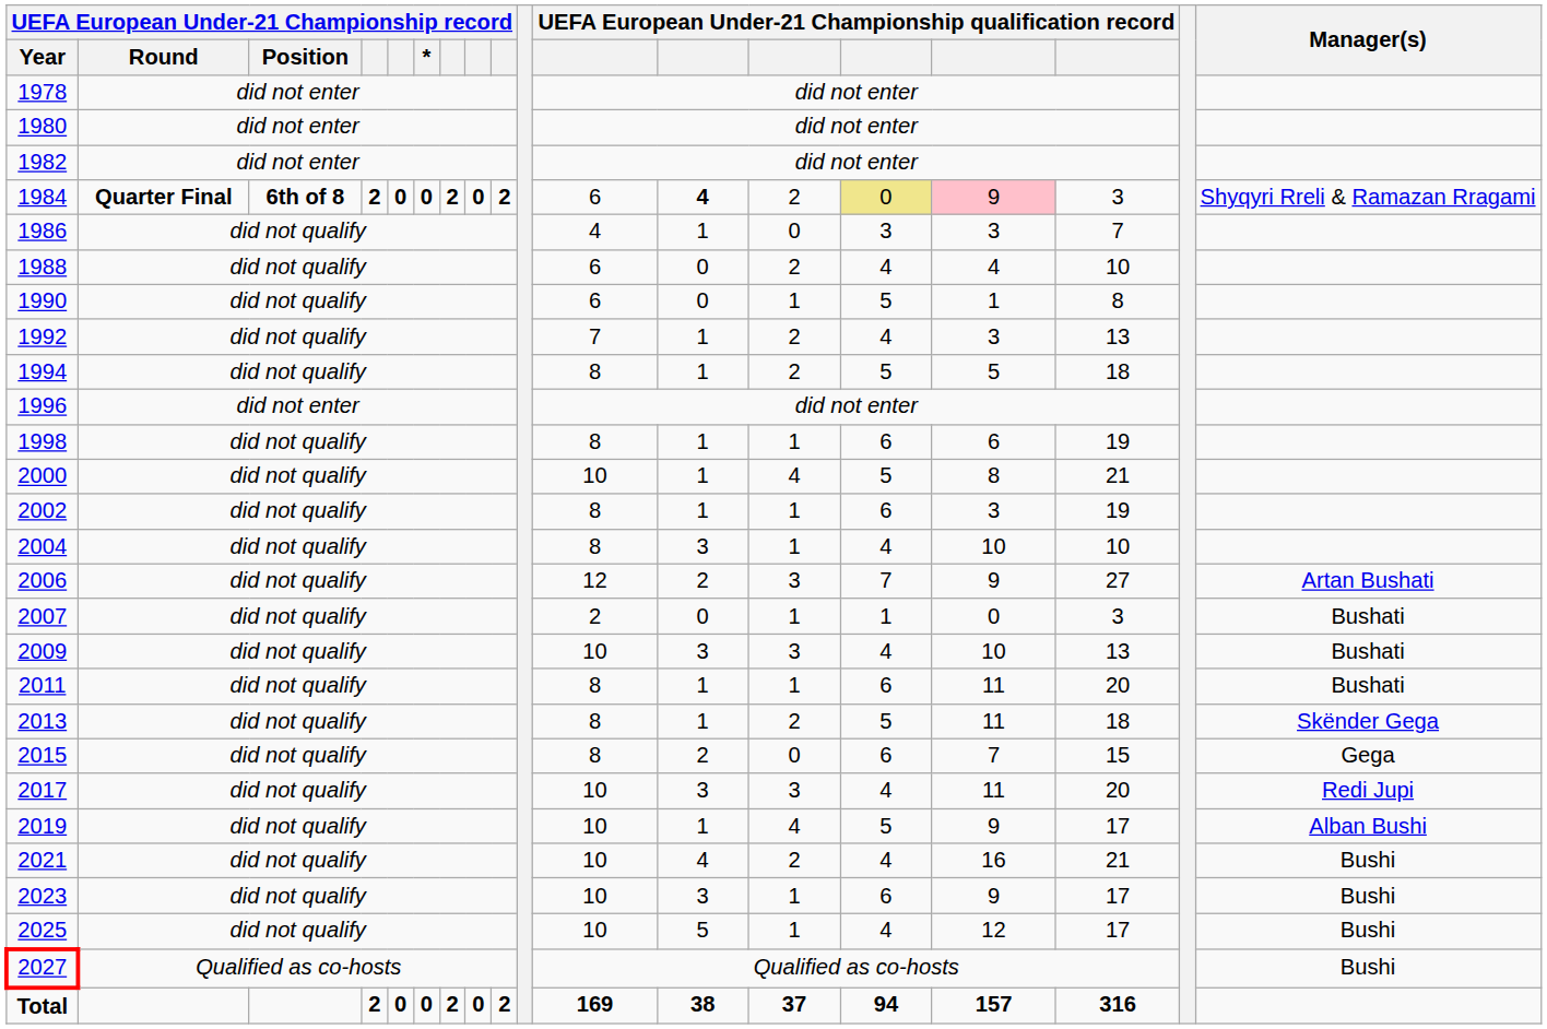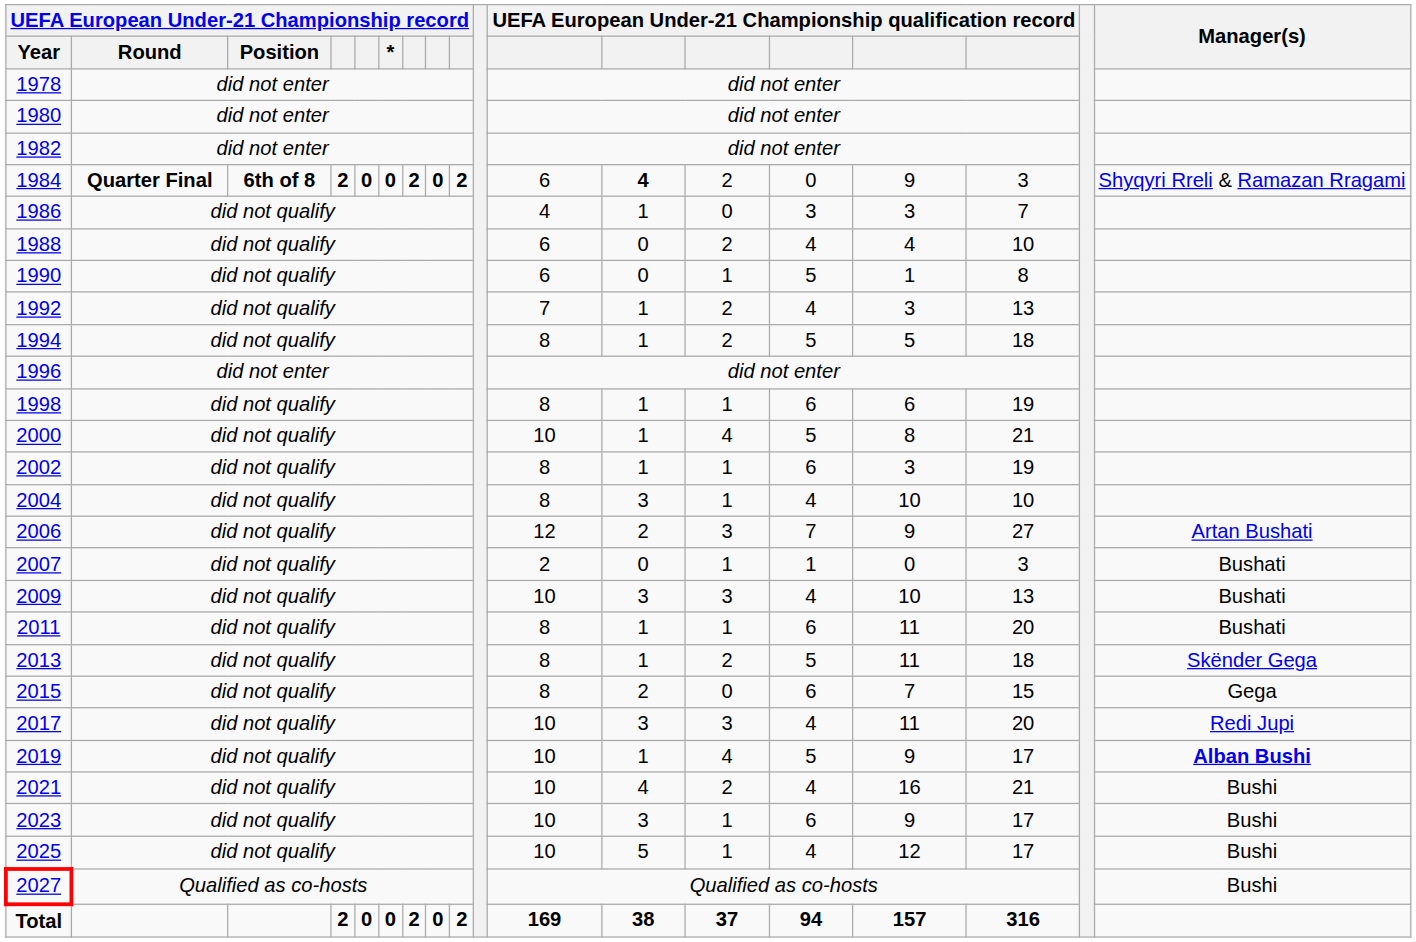 <table class="wikitable" style="text-align: center;">
 <tr>
 <th colspan=9><a href='#'>UEFA European Under-21 Championship record</a></th>
 <th style="width:1%;" rowspan="29"></th>
 <th colspan=6>UEFA European Under-21 Championship qualification record</th>
 <th style="width:1%;" rowspan="29"></th>
 <th rowspan=2>Manager(s)</th>
 </tr>
 <tr>
 <th>Year</th>
 <th>Round</th>
 <th>Position</th>
 <th></th>
 <th></th>
 <th> *</th>
 <th></th>
 <th></th>
 <th></th>
 <th></th>
 <th></th>
 <th></th>
 <th></th>
 <th></th>
 <th></th>
 </tr>
 <tr>
 <td> <a href='#'>1978</a></td>
 <td colspan=8><em>did not enter</em></td>
 <td colspan=6><em>did not enter</em></td>
 <td></td>
 </tr>
 <tr>
 <td> <a href='#'>1980</a></td>
 <td colspan=8><em>did not enter</em></td>
 <td colspan=6><em>did not enter</em></td>
 <td></td>
 </tr>
 <tr>
 <td> <a href='#'>1982</a></td>
 <td colspan=8><em>did not enter</em></td>
 <td colspan=6><em>did not enter</em></td>
 <td></td>
 </tr>
 <tr>
 <td> <a href='#'>1984</a></td>
 <td><strong>Quarter Final</strong></td>
 <td><strong>6th of 8</strong></td>
 <td><strong>2</strong></td>
 <td><strong>0</strong></td>
 <td><strong>0</strong></td>
 <td><strong>2</strong></td>
 <td><strong>0</strong></td>
 <td><strong>2</strong></td>
 <td>6</td>
 <td><strong>4</strong></td>
 <td>2</td>
-<td style="background: khaki;">0</td>
-<td style="background: pink;">9</td>
+<td>0</td>
+<td>9</td>
 <td>3</td>
 <td><a href='#'>Shyqyri Rreli</a> & <a href='#'>Ramazan Rragami</a></td>
 </tr>
 <tr>
 <td> <a href='#'>1986</a></td>
 <td colspan=8><em>did not qualify</em></td>
 <td>4</td>
 <td>1</td>
 <td>0</td>
 <td>3</td>
 <td>3</td>
 <td>7</td>
 <td></td>
 </tr>
 <tr>
 <td> <a href='#'>1988</a></td>
 <td colspan=8><em>did not qualify</em></td>
 <td>6</td>
 <td>0</td>
 <td>2</td>
 <td>4</td>
 <td>4</td>
 <td>10</td>
 <td></td>
 </tr>
 <tr>
 <td> <a href='#'>1990</a></td>
 <td colspan=8><em>did not qualify</em></td>
 <td>6</td>
 <td>0</td>
 <td>1</td>
 <td>5</td>
 <td>1</td>
 <td>8</td>
 <td></td>
 </tr>
 <tr>
 <td> <a href='#'>1992</a></td>
 <td colspan=8><em>did not qualify</em></td>
 <td>7</td>
 <td>1</td>
 <td>2</td>
 <td>4</td>
 <td>3</td>
 <td>13</td>
 <td></td>
 </tr>
 <tr>
 <td> <a href='#'>1994</a></td>
 <td colspan=8><em>did not qualify</em></td>
 <td>8</td>
 <td>1</td>
 <td>2</td>
 <td>5</td>
 <td>5</td>
 <td>18</td>
 <td></td>
 </tr>
 <tr>
 <td> <a href='#'>1996</a></td>
 <td colspan=8><em>did not enter</em></td>
 <td colspan=6><em>did not enter</em></td>
 <td></td>
 </tr>
 <tr>
 <td> <a href='#'>1998</a></td>
 <td colspan=8><em>did not qualify</em></td>
 <td>8</td>
 <td>1</td>
 <td>1</td>
 <td>6</td>
 <td>6</td>
 <td>19</td>
 <td></td>
 </tr>
 <tr>
 <td> <a href='#'>2000</a></td>
 <td colspan=8><em>did not qualify</em></td>
 <td>10</td>
 <td>1</td>
 <td>4</td>
 <td>5</td>
 <td>8</td>
 <td>21</td>
 <td></td>
 </tr>
 <tr>
 <td> <a href='#'>2002</a></td>
 <td colspan=8><em>did not qualify</em></td>
 <td>8</td>
 <td>1</td>
 <td>1</td>
 <td>6</td>
 <td>3</td>
 <td>19</td>
 <td></td>
 </tr>
 <tr>
 <td> <a href='#'>2004</a></td>
 <td colspan=8><em>did not qualify</em></td>
 <td>8</td>
 <td>3</td>
 <td>1</td>
 <td>4</td>
 <td>10</td>
 <td>10</td>
 <td></td>
 </tr>
 <tr>
 <td> <a href='#'>2006</a></td>
 <td colspan=8><em>did not qualify</em></td>
 <td>12</td>
 <td>2</td>
 <td>3</td>
 <td>7</td>
 <td>9</td>
 <td>27</td>
 <td><a href='#'>Artan Bushati</a></td>
 </tr>
 <tr>
 <td> <a href='#'>2007</a></td>
 <td colspan=8><em>did not qualify</em></td>
 <td>2</td>
 <td>0</td>
 <td>1</td>
 <td>1</td>
 <td>0</td>
 <td>3</td>
 <td>Bushati</td>
 </tr>
 <tr>
 <td> <a href='#'>2009</a></td>
 <td colspan=8><em>did not qualify</em></td>
 <td>10</td>
 <td>3</td>
 <td>3</td>
 <td>4</td>
 <td>10</td>
 <td>13</td>
 <td>Bushati</td>
 </tr>
 <tr>
 <td> <a href='#'>2011</a></td>
 <td colspan=8><em>did not qualify</em></td>
 <td>8</td>
 <td>1</td>
 <td>1</td>
 <td>6</td>
 <td>11</td>
 <td>20</td>
 <td>Bushati</td>
 </tr>
 <tr>
 <td> <a href='#'>2013</a></td>
 <td colspan=8><em>did not qualify</em></td>
 <td>8</td>
 <td>1</td>
 <td>2</td>
 <td>5</td>
 <td>11</td>
 <td>18</td>
 <td><a href='#'>Skënder Gega</a></td>
 </tr>
 <tr>
 <td> <a href='#'>2015</a></td>
 <td colspan=8><em>did not qualify</em></td>
 <td>8</td>
 <td>2</td>
 <td>0</td>
 <td>6</td>
 <td>7</td>
 <td>15</td>
 <td>Gega</td>
 </tr>
 <tr>
 <td> <a href='#'>2017</a></td>
 <td colspan=8><em>did not qualify</em></td>
 <td>10</td>
 <td>3</td>
 <td>3</td>
 <td>4</td>
 <td>11</td>
 <td>20</td>
 <td><a href='#'>Redi Jupi</a></td>
 </tr>
 <tr>
 <td> <a href='#'>2019</a></td>
 <td colspan=8><em>did not qualify</em></td>
 <td>10</td>
 <td>1</td>
 <td>4</td>
 <td>5</td>
 <td>9</td>
 <td>17</td>
-<td><a href='#'>Alban Bushi</a></td>
+<td><strong><a href='#'>Alban Bushi</a></strong></td>
 </tr>
 <tr>
 <td>  <a href='#'>2021</a></td>
 <td colspan=8><em>did not qualify</em></td>
 <td>10</td>
 <td>4</td>
 <td>2</td>
 <td>4</td>
 <td>16</td>
 <td>21</td>
 <td>Bushi</td>
 </tr>
 <tr>
 <td>  <a href='#'>2023</a></td>
 <td colspan=8><em>did not qualify</em></td>
 <td>10</td>
 <td>3</td>
 <td>1</td>
 <td>6</td>
 <td>9</td>
 <td>17</td>
 <td>Bushi</td>
 </tr>
 <tr>
 <td> <a href='#'>2025</a></td>
 <td colspan=8><em>did not qualify</em></td>
 <td>10</td>
 <td>5</td>
 <td>1</td>
 <td>4</td>
 <td>12</td>
 <td>17</td>
 <td>Bushi</td>
 </tr>
 <tr>
 <td style="border: 3px solid red">  <a href='#'>2027</a></td>
 <td colspan=8><em>Qualified as co-hosts</em></td>
 <td colspan=6><em>Qualified as co-hosts</em></td>
 <td>Bushi</td>
 </tr>
 <tr>
 <td><strong>Total</strong></td>
 <td></td>
 <td></td>
 <td><strong>2</strong></td>
 <td><strong>0</strong></td>
 <td><strong>0</strong></td>
 <td><strong>2</strong></td>
 <td><strong>0</strong></td>
 <td><strong>2</strong></td>
 <td><strong>169</strong></td>
 <td><strong>38</strong></td>
 <td><strong>37</strong></td>
 <td><strong>94</strong></td>
 <td><strong>157</strong></td>
 <td><strong>316</strong></td>
 <td></td>
 </tr>
 </table>
